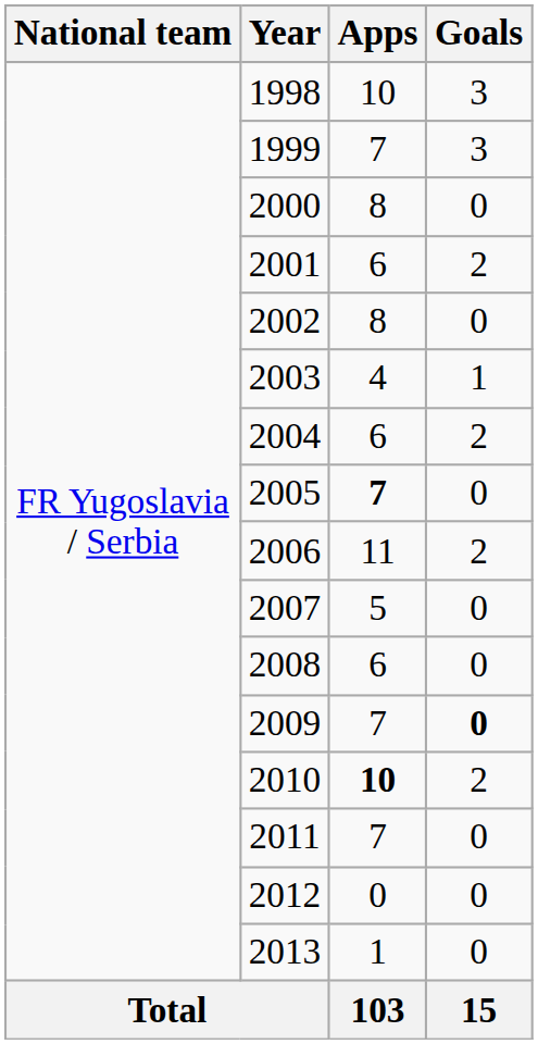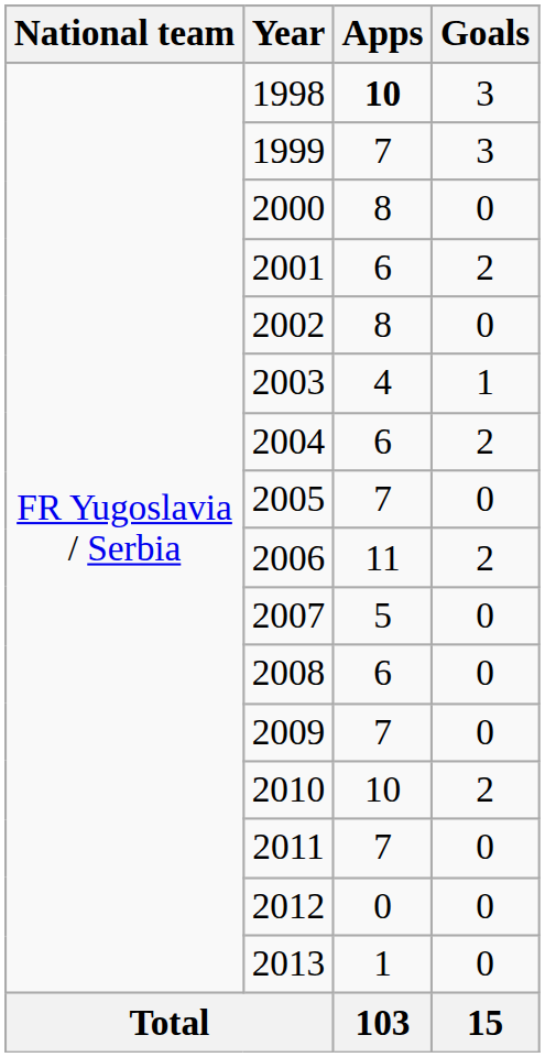 <table class="wikitable" style="text-align:center">
 <tr>
 <th>National team</th>
 <th>Year</th>
 <th>Apps</th>
 <th>Goals</th>
 </tr>
 <tr>
 <td rowspan="16" style="vertical-align:center"><a href='#'>FR Yugoslavia</a><br>/ <a href='#'>Serbia</a></td>
 <td>1998</td>
-<td>10</td>
+<td><strong>10</strong></td>
 <td>3</td>
 </tr>
 <tr>
 <td>1999</td>
 <td>7</td>
 <td>3</td>
 </tr>
 <tr>
 <td>2000</td>
 <td>8</td>
 <td>0</td>
 </tr>
 <tr>
 <td>2001</td>
 <td>6</td>
 <td>2</td>
 </tr>
 <tr>
 <td>2002</td>
 <td>8</td>
 <td>0</td>
 </tr>
 <tr>
 <td>2003</td>
 <td>4</td>
 <td>1</td>
 </tr>
 <tr>
 <td>2004</td>
 <td>6</td>
 <td>2</td>
 </tr>
 <tr>
 <td>2005</td>
-<td><strong>7</strong></td>
+<td>7</td>
 <td>0</td>
 </tr>
 <tr>
 <td>2006</td>
 <td>11</td>
 <td>2</td>
 </tr>
 <tr>
 <td>2007</td>
 <td>5</td>
 <td>0</td>
 </tr>
 <tr>
 <td>2008</td>
 <td>6</td>
 <td>0</td>
 </tr>
 <tr>
 <td>2009</td>
 <td>7</td>
-<td><strong>0</strong></td>
+<td>0</td>
 </tr>
 <tr>
 <td>2010</td>
-<td><strong>10</strong></td>
+<td>10</td>
 <td>2</td>
 </tr>
 <tr>
 <td>2011</td>
 <td>7</td>
 <td>0</td>
 </tr>
 <tr>
 <td>2012</td>
 <td>0</td>
 <td>0</td>
 </tr>
 <tr>
 <td>2013</td>
 <td>1</td>
 <td>0</td>
 </tr>
 <tr>
 <th colspan="2">Total</th>
 <th>103</th>
 <th>15</th>
 </tr>
 </table>
